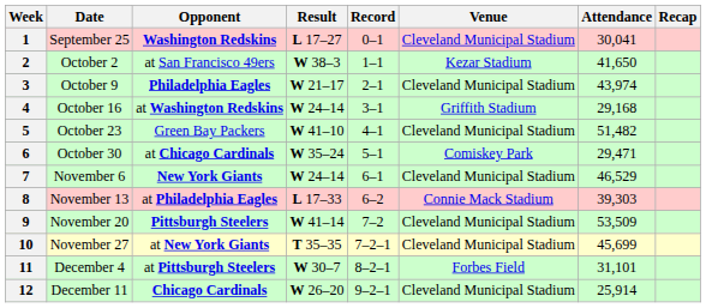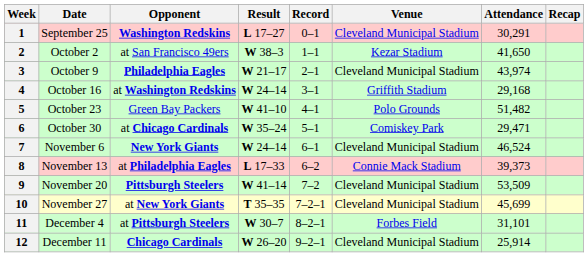 <table class="wikitable" style="text-align:center">
 <tr>
 <th>Week</th>
 <th>Date</th>
 <th>Opponent</th>
 <th>Result</th>
 <th>Record</th>
 <th>Venue</th>
 <th>Attendance</th>
 <th>Recap</th>
 </tr>
 <tr style="background:#fcc">
 <th>1</th>
 <td>September 25</td>
 <td><strong><a href='#'>Washington Redskins</a></strong></td>
 <td><strong>L</strong> 17–27</td>
 <td>0–1</td>
 <td><a href='#'>Cleveland Municipal Stadium</a></td>
-<td>30,041</td>
+<td>30,291</td>
 <td></td>
 </tr>
 <tr style="background:#cfc">
 <th>2</th>
 <td>October 2</td>
 <td>at <a href='#'>San Francisco 49ers</a></td>
 <td><strong>W</strong> 38–3</td>
 <td>1–1</td>
 <td><a href='#'>Kezar Stadium</a></td>
 <td>41,650</td>
 <td></td>
 </tr>
 <tr style="background:#cfc">
 <th>3</th>
 <td>October 9</td>
 <td><strong><a href='#'>Philadelphia Eagles</a></strong></td>
 <td><strong>W</strong> 21–17</td>
 <td>2–1</td>
 <td>Cleveland Municipal Stadium</td>
 <td>43,974</td>
 <td></td>
 </tr>
 <tr style="background:#cfc">
 <th>4</th>
 <td>October 16</td>
 <td>at <strong><a href='#'>Washington Redskins</a></strong></td>
 <td><strong>W</strong> 24–14</td>
 <td>3–1</td>
 <td><a href='#'>Griffith Stadium</a></td>
 <td>29,168</td>
 <td></td>
 </tr>
 <tr style="background:#cfc">
 <th>5</th>
 <td>October 23</td>
 <td><a href='#'>Green Bay Packers</a></td>
 <td><strong>W</strong> 41–10</td>
 <td>4–1</td>
-<td>Cleveland Municipal Stadium</td>
+<td><a href='#'>Polo Grounds</a></td>
 <td>51,482</td>
 <td></td>
 </tr>
 <tr style="background:#cfc">
 <th>6</th>
 <td>October 30</td>
 <td>at <strong><a href='#'>Chicago Cardinals</a></strong></td>
 <td><strong>W</strong> 35–24</td>
 <td>5–1</td>
 <td><a href='#'>Comiskey Park</a></td>
 <td>29,471</td>
 <td></td>
 </tr>
 <tr style="background:#cfc">
 <th>7</th>
 <td>November 6</td>
 <td><strong><a href='#'>New York Giants</a></strong></td>
 <td><strong>W</strong> 24–14</td>
 <td>6–1</td>
 <td>Cleveland Municipal Stadium</td>
-<td>46,529</td>
+<td>46,524</td>
 <td></td>
 </tr>
 <tr style="background:#fcc">
 <th>8</th>
 <td>November 13</td>
 <td>at <strong><a href='#'>Philadelphia Eagles</a></strong></td>
 <td><strong>L</strong> 17–33</td>
 <td>6–2</td>
 <td><a href='#'>Connie Mack Stadium</a></td>
-<td>39,303</td>
+<td>39,373</td>
 <td></td>
 </tr>
 <tr style="background:#cfc">
 <th>9</th>
 <td>November 20</td>
 <td><strong><a href='#'>Pittsburgh Steelers</a></strong></td>
 <td><strong>W</strong> 41–14</td>
 <td>7–2</td>
 <td>Cleveland Municipal Stadium</td>
 <td>53,509</td>
 <td></td>
 </tr>
 <tr style="background:#ffc">
 <th>10</th>
 <td>November 27</td>
 <td>at <strong><a href='#'>New York Giants</a></strong></td>
 <td><strong>T</strong> 35–35</td>
 <td>7–2–1</td>
 <td>Cleveland Municipal Stadium</td>
 <td>45,699</td>
 <td></td>
 </tr>
 <tr style="background:#cfc">
 <th>11</th>
 <td>December 4</td>
 <td>at <strong><a href='#'>Pittsburgh Steelers</a></strong></td>
 <td><strong>W</strong> 30–7</td>
 <td>8–2–1</td>
 <td><a href='#'>Forbes Field</a></td>
 <td>31,101</td>
 <td></td>
 </tr>
 <tr style="background:#cfc">
 <th>12</th>
 <td>December 11</td>
 <td><strong><a href='#'>Chicago Cardinals</a></strong></td>
 <td><strong>W</strong> 26–20</td>
 <td>9–2–1</td>
 <td>Cleveland Municipal Stadium</td>
 <td>25,914</td>
 <td></td>
 </tr>
 </table>
